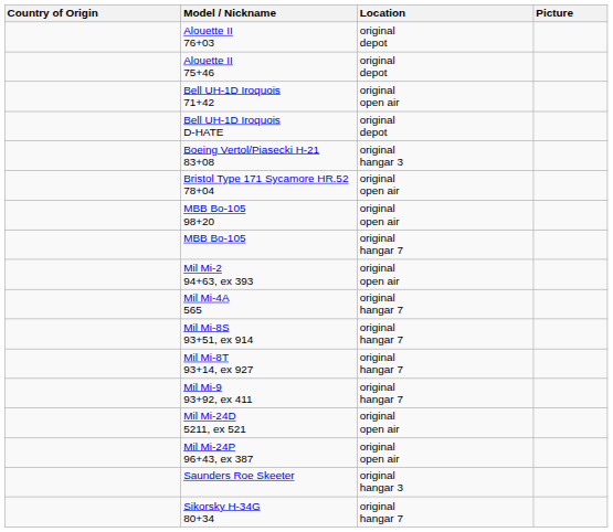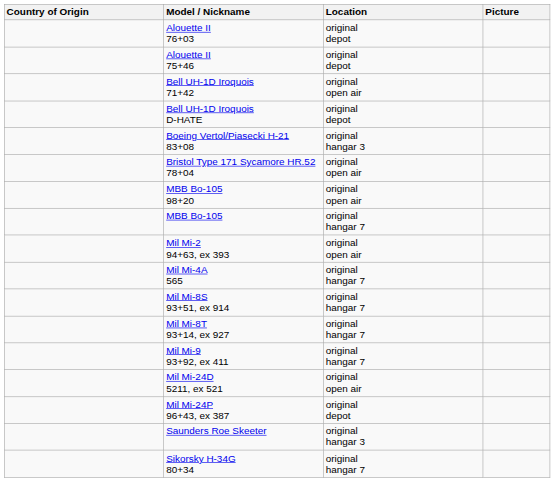 <table class="wikitable sortable">
 <tr>
 <th style="text-align:left" width=250px>Country of Origin</th>
 <th ! style="text-align:left" width=250px>Model / Nickname</th>
 <th ! style="text-align:left" width=250px class="unsortable">Location</th>
 <th ! style="text-align:left" width=100px class="unsortable">Picture</th>
 </tr>
 <tr style="vertical-align:top">
 <td style="text-align:left"></td>
 <td style="text-align:left"><a href='#'>Alouette II</a><br>76+03</td>
 <td style="text-align:left">original<br>depot</td>
 <td style="text-align:left"></td>
 </tr>
 <tr style="vertical-align:top">
 <td style="text-align:left"></td>
 <td style="text-align:left"><a href='#'>Alouette II</a><br>75+46</td>
 <td style="text-align:left">original<br>depot</td>
 <td style="text-align:left"></td>
 </tr>
 <tr style="vertical-align:top">
 <td style="text-align:left"></td>
 <td style="text-align:left"><a href='#'>Bell UH-1D Iroquois</a><br>71+42</td>
 <td style="text-align:left">original<br>open air</td>
 <td style="text-align:left"></td>
 </tr>
 <tr style="vertical-align:top">
 <td style="text-align:left"></td>
 <td style="text-align:left"><a href='#'>Bell UH-1D Iroquois</a><br>D-HATE</td>
 <td style="text-align:left">original<br>depot</td>
 <td style="text-align:left"></td>
 </tr>
 <tr style="vertical-align:top">
 <td style="text-align:left"></td>
 <td style="text-align:left"><a href='#'>Boeing Vertol/Piasecki H-21</a><br>83+08</td>
 <td style="text-align:left">original<br>hangar 3</td>
 <td style="text-align:left"></td>
 </tr>
 <tr style="vertical-align:top">
 <td style="text-align:left"></td>
 <td style="text-align:left"><a href='#'>Bristol Type 171 Sycamore HR.52</a><br>78+04</td>
 <td style="text-align:left">original<br>open air</td>
 <td style="text-align:left"></td>
 </tr>
 <tr style="vertical-align:top">
 <td style="text-align:left"></td>
 <td style="text-align:left"><a href='#'>MBB Bo-105</a><br>98+20</td>
 <td style="text-align:left">original<br>open air</td>
 <td style="text-align:left"></td>
 </tr>
 <tr style="vertical-align:top">
 <td style="text-align:left"></td>
 <td style="text-align:left"><a href='#'>MBB Bo-105</a></td>
 <td style="text-align:left">original<br>hangar 7</td>
 <td style="text-align:left"></td>
 </tr>
 <tr style="vertical-align:top">
 <td style="text-align:left"></td>
 <td style="text-align:left"><a href='#'>Mil Mi-2</a><br>94+63, ex 393</td>
 <td style="text-align:left">original<br>open air</td>
 <td style="text-align:left"></td>
 </tr>
 <tr style="vertical-align:top">
 <td style="text-align:left"></td>
 <td style="text-align:left"><a href='#'>Mil Mi-4A</a><br>565</td>
 <td style="text-align:left">original<br>hangar 7</td>
 <td style="text-align:left"></td>
 </tr>
 <tr style="vertical-align:top">
 <td style="text-align:left"></td>
 <td style="text-align:left"><a href='#'>Mil Mi-8S</a><br>93+51, ex 914</td>
 <td style="text-align:left">original<br>hangar 7</td>
 <td style="text-align:left"></td>
 </tr>
 <tr style="vertical-align:top">
 <td style="text-align:left"></td>
 <td style="text-align:left"><a href='#'>Mil Mi-8T</a><br>93+14, ex 927</td>
 <td style="text-align:left">original<br>hangar 7</td>
 <td style="text-align:left"></td>
 </tr>
 <tr style="vertical-align:top">
 <td style="text-align:left"></td>
 <td style="text-align:left"><a href='#'>Mil Mi-9</a><br>93+92, ex 411</td>
 <td style="text-align:left">original<br>hangar 7</td>
 <td style="text-align:left"></td>
 </tr>
 <tr style="vertical-align:top">
 <td style="text-align:left"></td>
 <td style="text-align:left"><a href='#'>Mil Mi-24D</a><br>5211, ex 521</td>
 <td style="text-align:left">original<br>open air</td>
 <td style="text-align:left"></td>
 </tr>
 <tr style="vertical-align:top">
 <td style="text-align:left"></td>
 <td style="text-align:left"><a href='#'>Mil Mi-24P</a><br>96+43, ex 387</td>
-<td style="text-align:left">original<br>open air</td>
+<td style="text-align:left">original<br>depot</td>
 <td style="text-align:left"></td>
 </tr>
 <tr style="vertical-align:top">
 <td style="text-align:left"></td>
 <td style="text-align:left"><a href='#'>Saunders Roe Skeeter</a></td>
 <td style="text-align:left">original<br>hangar 3</td>
 <td style="text-align:left"></td>
 </tr>
 <tr style="vertical-align:top">
 <td style="text-align:left"></td>
 <td style="text-align:left"><a href='#'>Sikorsky H-34G</a><br>80+34</td>
 <td style="text-align:left">original<br>hangar 7</td>
 <td style="text-align:left"></td>
 </tr>
 </table>
